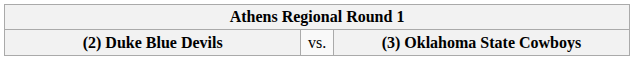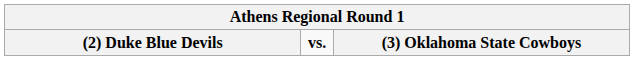 <table class="wikitable">
 <tr>
 <th style="width: 604px;" colspan=3>Athens Regional Round 1</th>
 </tr>
 <tr>
 <th style="width: 289px; ">(2) Duke Blue Devils</th>
-<td style="width: 25px; text-align:center">vs.</td>
+<td style="width: 25px; text-align:center"><strong>vs.</strong></td>
 <th style="width: 289px; ">(3) Oklahoma State Cowboys</th>
 </tr>
 </table>
